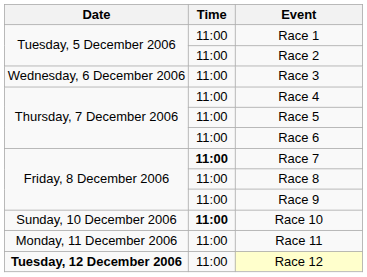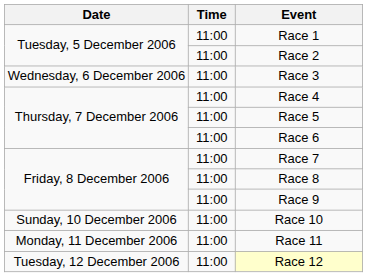 <table class = "wikitable" style="text-align:center;">
 <tr>
 <th width=220>Date</th>
 <th width=50>Time</th>
 <th width=150>Event</th>
 </tr>
 <tr>
 <td rowspan=2>Tuesday, 5 December 2006</td>
 <td>11:00</td>
 <td>Race 1</td>
 </tr>
 <tr>
 <td>11:00</td>
 <td>Race 2</td>
 </tr>
 <tr>
 <td>Wednesday, 6 December 2006</td>
 <td>11:00</td>
 <td>Race 3</td>
 </tr>
 <tr>
 <td rowspan=3>Thursday, 7 December 2006</td>
 <td>11:00</td>
 <td>Race 4</td>
 </tr>
 <tr>
 <td>11:00</td>
 <td>Race 5</td>
 </tr>
 <tr>
 <td>11:00</td>
 <td>Race 6</td>
 </tr>
 <tr>
 <td rowspan=3>Friday, 8 December 2006</td>
-<td><strong>11:00</strong></td>
+<td>11:00</td>
 <td>Race 7</td>
 </tr>
 <tr>
 <td>11:00</td>
 <td>Race 8</td>
 </tr>
 <tr>
 <td>11:00</td>
 <td>Race 9</td>
 </tr>
 <tr>
 <td>Sunday, 10 December 2006</td>
-<td><strong>11:00</strong></td>
+<td>11:00</td>
 <td>Race 10</td>
 </tr>
 <tr>
 <td>Monday, 11 December 2006</td>
 <td>11:00</td>
 <td>Race 11</td>
 </tr>
 <tr>
-<td><strong>Tuesday, 12 December 2006</strong></td>
+<td>Tuesday, 12 December 2006</td>
 <td>11:00</td>
 <td bgcolor=ffffcc>Race 12</td>
 </tr>
 </table>
